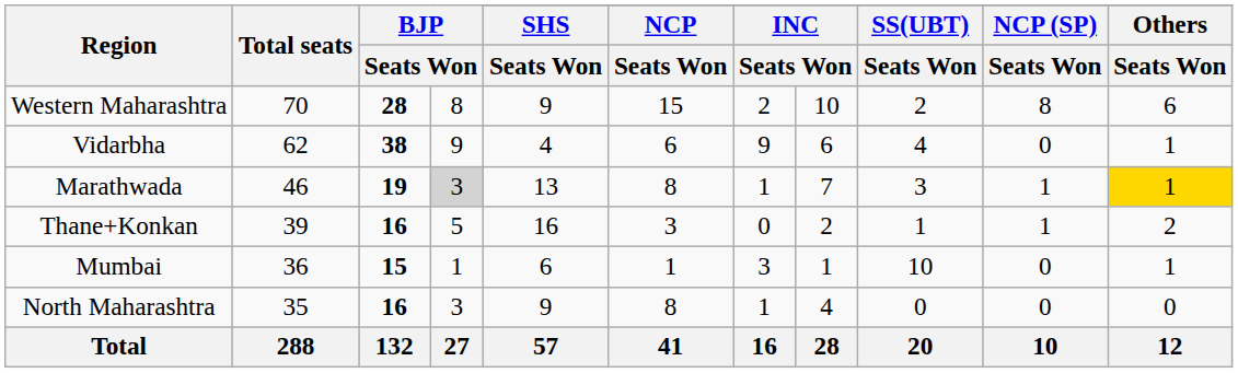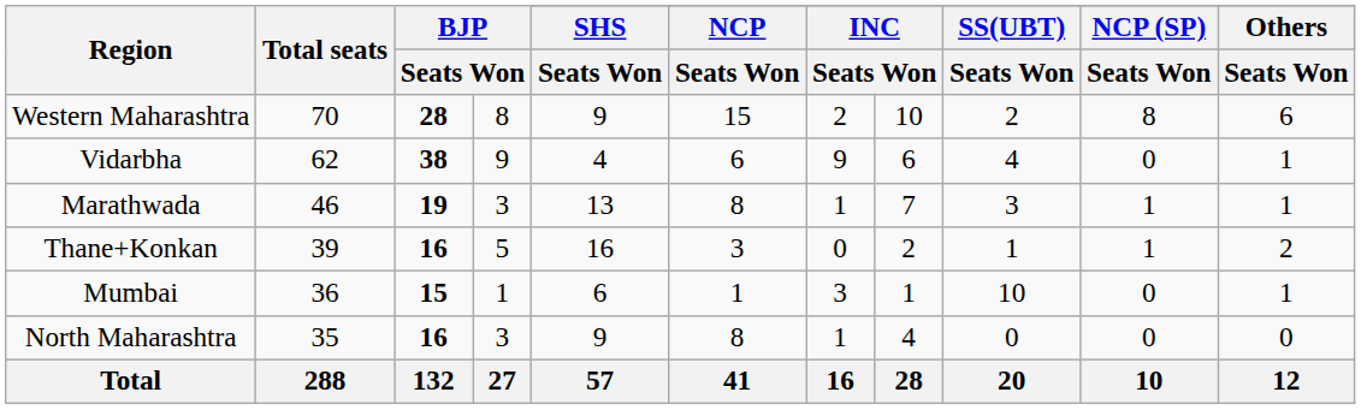 <table class="wikitable sortable" style="text-align:center;">
 <tr>
 <th rowspan="3">Region</th>
 <th rowspan="3">Total seats</th>
 <th rowspan="2" colspan="2"><a href='#'>BJP</a></th>
 </tr>
 <tr bgcolor="#cccccc">
 <th><a href='#'>SHS</a></th>
 <th><a href='#'>NCP</a></th>
 <th colspan="2"><a href='#'>INC</a></th>
 <th><a href='#'>SS(UBT)</a></th>
 <th><a href='#'>NCP (SP)</a></th>
 <th>Others</th>
 </tr>
 <tr>
 <th colspan="2">Seats Won</th>
 <th>Seats Won</th>
 <th>Seats Won</th>
 <th colspan="2">Seats Won</th>
 <th>Seats Won</th>
 <th>Seats Won</th>
 <th>Seats Won</th>
 </tr>
 <tr>
 <td>Western Maharashtra</td>
 <td>70</td>
 <td><strong>28</strong></td>
 <td>8</td>
 <td>9</td>
 <td>15</td>
 <td>2</td>
 <td>10</td>
 <td>2</td>
 <td>8</td>
 <td>6</td>
 </tr>
 <tr>
 <td>Vidarbha</td>
 <td>62</td>
 <td><strong>38</strong></td>
 <td>9</td>
 <td>4</td>
 <td>6</td>
 <td>9</td>
 <td>6</td>
 <td>4</td>
 <td>0</td>
 <td>1</td>
 </tr>
 <tr>
 <td>Marathwada</td>
 <td>46</td>
 <td><strong>19</strong></td>
-<td style="background: lightgrey;">3</td>
+<td>3</td>
 <td>13</td>
 <td>8</td>
 <td>1</td>
 <td>7</td>
 <td>3</td>
 <td>1</td>
-<td style="background: gold;">1</td>
+<td>1</td>
 </tr>
 <tr>
 <td>Thane+Konkan</td>
 <td>39</td>
 <td><strong>16</strong></td>
 <td>5</td>
 <td>16</td>
 <td>3</td>
 <td>0</td>
 <td>2</td>
 <td>1</td>
 <td>1</td>
 <td>2</td>
 </tr>
 <tr>
 <td>Mumbai</td>
 <td>36</td>
 <td><strong>15</strong></td>
 <td>1</td>
 <td>6</td>
 <td>1</td>
 <td>3</td>
 <td>1</td>
 <td>10</td>
 <td>0</td>
 <td>1</td>
 </tr>
 <tr>
 <td>North Maharashtra</td>
 <td>35</td>
 <td><strong>16</strong></td>
 <td>3</td>
 <td>9</td>
 <td>8</td>
 <td>1</td>
 <td>4</td>
 <td>0</td>
 <td>0</td>
 <td>0</td>
 </tr>
 <tr>
 <th><strong>Total</strong></th>
 <th>288</th>
 <th>132</th>
 <th>27</th>
 <th>57</th>
 <th>41</th>
 <th>16</th>
 <th>28</th>
 <th>20</th>
 <th>10</th>
 <th>12</th>
 </tr>
 </table>
